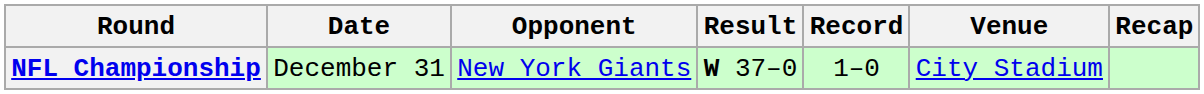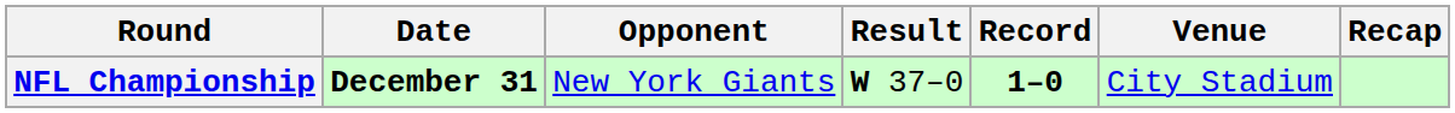 <table class="wikitable" style="text-align:center">
 <tr>
 <th>Round</th>
 <th>Date</th>
 <th>Opponent</th>
 <th>Result</th>
 <th>Record</th>
 <th>Venue</th>
 <th>Recap</th>
 </tr>
 <tr align="center"  style="background: #cfc;">
 <th><a href='#'>NFL Championship</a></th>
-<td>December 31</td>
+<td><strong>December 31</strong></td>
 <td><a href='#'>New York Giants</a></td>
 <td><strong>W</strong> 37–0</td>
-<td>1–0</td>
+<td><strong>1–0</strong></td>
 <td><a href='#'>City Stadium</a></td>
 <td></td>
 </tr>
 <tr>
 </tr>
 </table>
